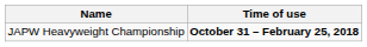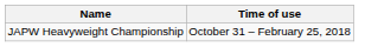 <table class="wikitable" border="1">
 <tr>
 <th>Name</th>
 <th>Time of use</th>
 </tr>
 <tr>
 <td>JAPW Heavyweight Championship</td>
-<td><strong>October 31 – February 25, 2018</strong></td>
+<td>October 31 – February 25, 2018</td>
 </tr>
 </table>
